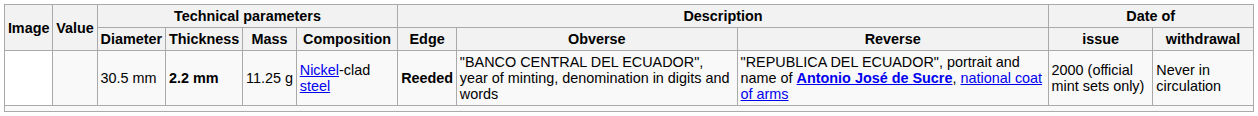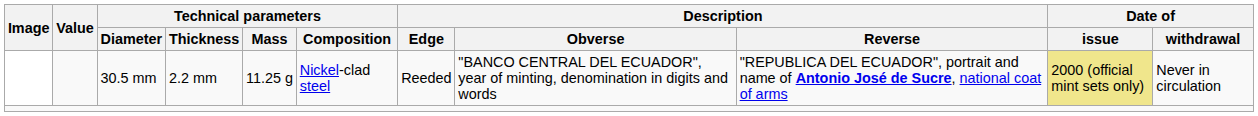 <table class="wikitable" style="font-size: 90%">
 <tr>
 <th rowspan=2>Image</th>
 <th rowspan=2>Value</th>
 <th colspan=4>Technical parameters</th>
 <th colspan=3>Description</th>
 <th colspan=2>Date of</th>
 </tr>
 <tr>
 <th>Diameter</th>
 <th>Thickness</th>
 <th>Mass</th>
 <th>Composition</th>
 <th>Edge</th>
 <th>Obverse</th>
 <th>Reverse</th>
 <th>issue</th>
 <th>withdrawal</th>
 </tr>
 <tr>
 <td align="center" bgcolor="#FFFFFF"></td>
 <td></td>
 <td>30.5 mm</td>
-<td><strong>2.2 mm</strong></td>
+<td>2.2 mm</td>
 <td>11.25 g</td>
 <td><a href='#'>Nickel</a>-clad <a href='#'>steel</a></td>
-<td><strong>Reeded</strong></td>
+<td>Reeded</td>
 <td>"BANCO CENTRAL DEL ECUADOR", year of minting, denomination in digits and words</td>
 <td>"REPUBLICA DEL ECUADOR", portrait and name of <strong><a href='#'>Antonio José de Sucre</a></strong>, <a href='#'>national coat of arms</a></td>
-<td>2000 (official mint sets only)</td>
+<td style="background: khaki;">2000 (official mint sets only)</td>
 <td>Never in circulation</td>
 </tr>
 <tr>
 <td colspan=11></td>
 </tr>
 </table>
